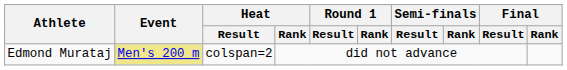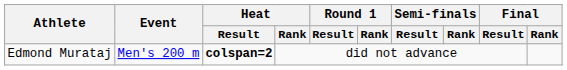 <table class="wikitable" style="font-size:90%">
 <tr>
 <th rowspan="2">Athlete</th>
 <th rowspan="2">Event</th>
 <th colspan="2">Heat</th>
 <th colspan="2">Round 1</th>
 <th colspan="2">Semi-finals</th>
 <th colspan="2">Final</th>
 </tr>
 <tr style="font-size:95%">
 <th>Result</th>
 <th>Rank</th>
 <th>Result</th>
 <th>Rank</th>
 <th>Result</th>
 <th>Rank</th>
 <th>Result</th>
 <th>Rank</th>
 </tr>
 <tr align=center>
 <td align=left>Edmond Murataj</td>
-<td align=left style="background: khaki;"><a href='#'>Men's 200 m</a></td>
-<td>colspan=2 </td>
+<td align=left><a href='#'>Men's 200 m</a></td>
+<td><strong>colspan=2 </strong></td>
 <td colspan=6>did not advance</td>
 </tr>
 </table>
